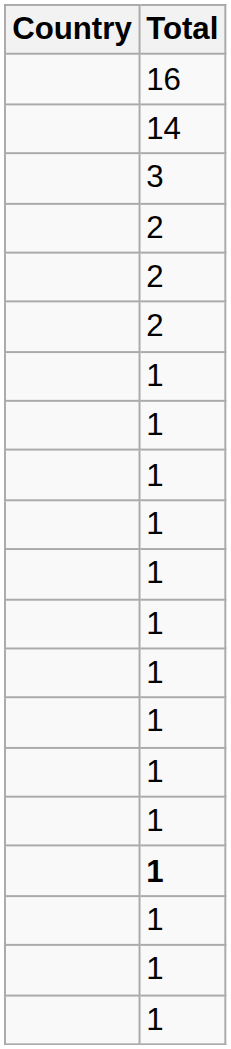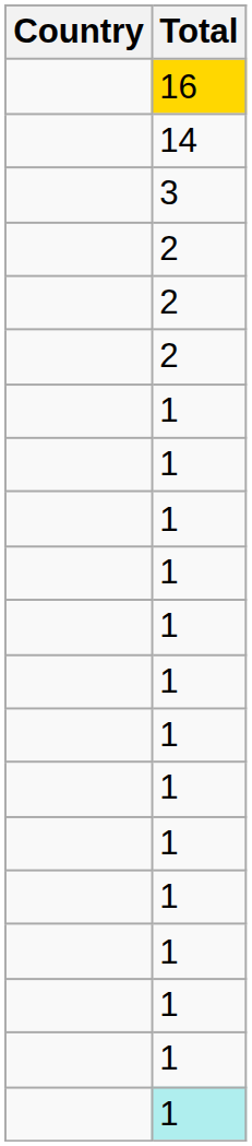 <table class="wikitable sortable">
 <tr>
 <th>Country</th>
 <th>Total</th>
 </tr>
 <tr>
 <td></td>
-<td>16</td>
+<td style="background: gold;">16</td>
 </tr>
 <tr>
 <td></td>
 <td>14</td>
 </tr>
 <tr>
 <td></td>
 <td>3</td>
 </tr>
 <tr>
 <td></td>
 <td>2</td>
 </tr>
 <tr>
 <td></td>
 <td>2</td>
 </tr>
 <tr>
 <td></td>
 <td>2</td>
 </tr>
 <tr>
 <td></td>
 <td>1</td>
 </tr>
 <tr>
 <td></td>
 <td>1</td>
 </tr>
 <tr>
 <td></td>
 <td>1</td>
 </tr>
 <tr>
 <td></td>
 <td>1</td>
 </tr>
 <tr>
 <td></td>
 <td>1</td>
 </tr>
 <tr>
 <td></td>
 <td>1</td>
 </tr>
 <tr>
 <td></td>
 <td>1</td>
 </tr>
 <tr>
 <td></td>
 <td>1</td>
 </tr>
 <tr>
 <td></td>
 <td>1</td>
 </tr>
 <tr>
 <td></td>
 <td>1</td>
 </tr>
 <tr>
 <td></td>
-<td><strong>1</strong></td>
+<td>1</td>
 </tr>
 <tr>
 <td></td>
 <td>1</td>
 </tr>
 <tr>
 <td></td>
 <td>1</td>
 </tr>
 <tr>
 <td></td>
-<td>1</td>
+<td style="background: paleturquoise;">1</td>
 </tr>
 </table>
